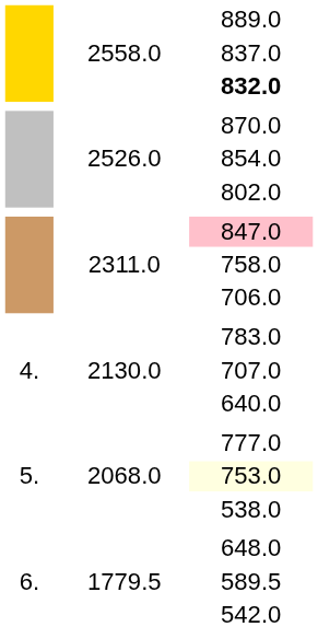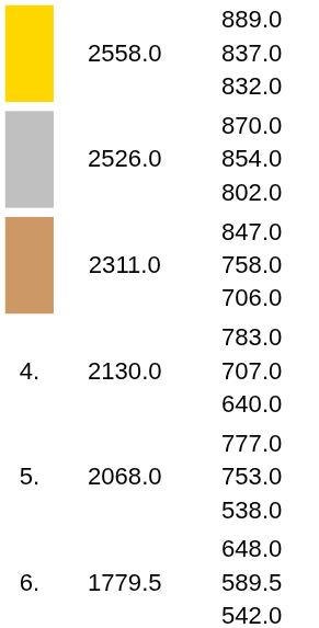 <table style="text-align:center">
 <tr>
 <td width=30 bgcolor=gold rowspan=3></td>
 <td align=left></td>
 <td rowspan=3 width=80>2558.0</td>
 <td width=80>889.0</td>
 </tr>
 <tr>
 <td align=left></td>
 <td>837.0</td>
 </tr>
 <tr>
 <td align=left></td>
-<td><strong>832.0</strong></td>
+<td>832.0</td>
 </tr>
 <tr>
 <td colspan=4></td>
 </tr>
 <tr>
 <td bgcolor=silver rowspan=3></td>
 <td align=left></td>
 <td rowspan=3>2526.0</td>
 <td>870.0</td>
 </tr>
 <tr>
 <td align=left></td>
 <td>854.0</td>
 </tr>
 <tr>
 <td align=left></td>
 <td>802.0</td>
 </tr>
 <tr>
 <td colspan=4></td>
 </tr>
 <tr>
 <td bgcolor=cc9966 rowspan=3></td>
 <td align=left></td>
 <td rowspan=3>2311.0</td>
-<td style="background: pink;">847.0</td>
+<td>847.0</td>
 </tr>
 <tr>
 <td align=left></td>
 <td>758.0</td>
 </tr>
 <tr>
 <td align=left></td>
 <td>706.0</td>
 </tr>
 <tr>
 <td colspan=4></td>
 </tr>
 <tr>
 <td rowspan=3>4.</td>
 <td align=left></td>
 <td rowspan=3>2130.0</td>
 <td>783.0</td>
 </tr>
 <tr>
 <td align=left></td>
 <td>707.0</td>
 </tr>
 <tr>
 <td align=left></td>
 <td>640.0</td>
 </tr>
 <tr>
 <td colspan=4></td>
 </tr>
 <tr>
 <td rowspan=3>5.</td>
 <td align=left></td>
 <td rowspan=3>2068.0</td>
 <td>777.0</td>
 </tr>
 <tr>
 <td align=left></td>
-<td style="background: lightyellow;">753.0</td>
+<td>753.0</td>
 </tr>
 <tr>
 <td align=left></td>
 <td>538.0</td>
 </tr>
 <tr>
 <td colspan=4></td>
 </tr>
 <tr>
 <td rowspan=3>6.</td>
 <td align=left></td>
 <td rowspan=3>1779.5</td>
 <td>648.0</td>
 </tr>
 <tr>
 <td align=left></td>
 <td>589.5</td>
 </tr>
 <tr>
 <td align=left></td>
 <td>542.0</td>
 </tr>
 </table>
